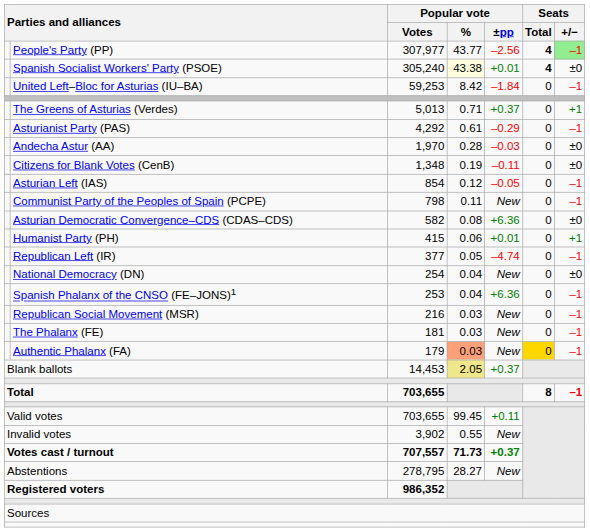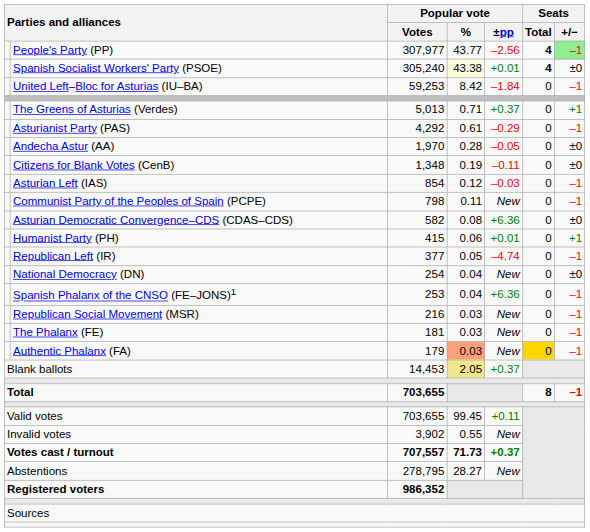 <table class="wikitable" style="text-align:right;">
 <tr>
 <th style="text-align:left;" rowspan="2" colspan="2" width="525">Parties and alliances</th>
 <th colspan="3">Popular vote</th>
 <th colspan="2">Seats</th>
 </tr>
 <tr>
 <th width="75">Votes</th>
 <th width="45">%</th>
 <th width="45">±<a href='#'>pp</a></th>
 <th width="35">Total</th>
 <th width="35">+/−</th>
 </tr>
 <tr>
 <td width="1" style="color:inherit;background:"></td>
 <td align="left"><a href='#'>People's Party</a> (PP)</td>
 <td>307,977</td>
 <td>43.77</td>
 <td style="color:red;">–2.56</td>
 <td><strong>4</strong></td>
 <td style="background: lightgreen; color:red;">–1</td>
 </tr>
 <tr>
 <td style="color:inherit;background:"></td>
 <td align="left"><a href='#'>Spanish Socialist Workers' Party</a> (PSOE)</td>
 <td>305,240</td>
 <td style="background: lightyellow;">43.38</td>
 <td style="color:green;">+0.01</td>
 <td><strong>4</strong></td>
 <td>±0</td>
 </tr>
 <tr>
 <td style="color:inherit;background:"></td>
 <td align="left"><a href='#'>United Left</a>–<a href='#'>Bloc for Asturias</a> (IU–BA)</td>
 <td>59,253</td>
 <td>8.42</td>
 <td style="color:red;">–1.84</td>
 <td>0</td>
 <td style="color:red;">–1</td>
 </tr>
 <tr>
 <td colspan="7" bgcolor="#C0C0C0"></td>
 </tr>
 <tr>
 <td style="color:inherit;background:"></td>
 <td align="left"><a href='#'>The Greens of Asturias</a> (Verdes)</td>
 <td>5,013</td>
 <td>0.71</td>
 <td style="color:green;">+0.37</td>
 <td>0</td>
 <td style="color:green;">+1</td>
 </tr>
 <tr>
 <td style="color:inherit;background:"></td>
 <td align="left"><a href='#'>Asturianist Party</a> (PAS)</td>
 <td>4,292</td>
 <td>0.61</td>
 <td style="color:red;">–0.29</td>
 <td>0</td>
 <td style="color:red;">–1</td>
 </tr>
 <tr>
 <td style="color:inherit;background:"></td>
 <td align="left"><a href='#'>Andecha Astur</a> (AA)</td>
 <td>1,970</td>
 <td>0.28</td>
-<td style="color:red;">–0.03</td>
+<td style="color:red;">–0.05</td>
 <td>0</td>
 <td>±0</td>
 </tr>
 <tr>
 <td style="color:inherit;background:"></td>
 <td align="left"><a href='#'>Citizens for Blank Votes</a> (CenB)</td>
 <td>1,348</td>
 <td>0.19</td>
 <td style="color:red;">–0.11</td>
 <td>0</td>
 <td>±0</td>
 </tr>
 <tr>
 <td style="color:inherit;background:"></td>
 <td align="left"><a href='#'>Asturian Left</a> (IAS)</td>
 <td>854</td>
 <td>0.12</td>
-<td style="color:red;">–0.05</td>
+<td style="color:red;">–0.03</td>
 <td>0</td>
 <td style="color:red;">–1</td>
 </tr>
 <tr>
 <td style="color:inherit;background:"></td>
 <td align="left"><a href='#'>Communist Party of the Peoples of Spain</a> (PCPE)</td>
 <td>798</td>
 <td>0.11</td>
 <td><em>New</em></td>
 <td>0</td>
 <td style="color:red;">–1</td>
 </tr>
 <tr>
 <td style="color:inherit;background:"></td>
 <td align="left"><a href='#'>Asturian Democratic Convergence–CDS</a> (CDAS–CDS)</td>
 <td>582</td>
 <td>0.08</td>
 <td style="color:green;">+6.36</td>
 <td>0</td>
 <td>±0</td>
 </tr>
 <tr>
 <td style="color:inherit;background:"></td>
 <td align="left"><a href='#'>Humanist Party</a> (PH)</td>
 <td>415</td>
 <td>0.06</td>
 <td style="color:green;">+0.01</td>
 <td>0</td>
 <td style="color:green;">+1</td>
 </tr>
 <tr>
 <td style="color:inherit;background:"></td>
 <td align="left"><a href='#'>Republican Left</a> (IR)</td>
 <td>377</td>
 <td>0.05</td>
 <td style="color:red;">–4.74</td>
 <td>0</td>
 <td style="color:red;">–1</td>
 </tr>
 <tr>
 <td style="color:inherit;background:"></td>
 <td align="left"><a href='#'>National Democracy</a> (DN)</td>
 <td>254</td>
 <td>0.04</td>
 <td><em>New</em></td>
 <td>0</td>
 <td>±0</td>
 </tr>
 <tr>
 <td style="color:inherit;background:"></td>
 <td align="left"><a href='#'>Spanish Phalanx of the CNSO</a> (FE–JONS)<sup>1</sup></td>
 <td>253</td>
 <td>0.04</td>
 <td style="color:green;">+6.36</td>
 <td>0</td>
 <td style="color:red;">–1</td>
 </tr>
 <tr>
 <td style="color:inherit;background:"></td>
 <td align="left"><a href='#'>Republican Social Movement</a> (MSR)</td>
 <td>216</td>
 <td>0.03</td>
 <td><em>New</em></td>
 <td>0</td>
 <td style="color:red;">–1</td>
 </tr>
 <tr>
 <td style="color:inherit;background:"></td>
 <td align="left"><a href='#'>The Phalanx</a> (FE)</td>
 <td>181</td>
 <td>0.03</td>
 <td><em>New</em></td>
 <td>0</td>
 <td style="color:red;">–1</td>
 </tr>
 <tr>
 <td style="color:inherit;background:"></td>
 <td align="left"><a href='#'>Authentic Phalanx</a> (FA)</td>
 <td>179</td>
 <td style="background: lightsalmon;">0.03</td>
 <td><em>New</em></td>
 <td style="background: gold;">0</td>
 <td style="color:red;">–1</td>
 </tr>
 <tr>
 <td align="left" colspan="2">Blank ballots</td>
 <td>14,453</td>
 <td style="background: khaki;">2.05</td>
 <td style="color:green;">+0.37</td>
 <td bgcolor="#E9E9E9" colspan="2"></td>
 </tr>
 <tr>
 <td colspan="7" bgcolor="#E9E9E9"></td>
 </tr>
 <tr style="font-weight:bold;">
 <td align="left" colspan="2">Total</td>
 <td>703,655</td>
 <td bgcolor="#E9E9E9" colspan="2"></td>
 <td>8</td>
 <td style="color:red;">–1</td>
 </tr>
 <tr>
 <td colspan="7" bgcolor="#E9E9E9"></td>
 </tr>
 <tr>
 <td align="left" colspan="2">Valid votes</td>
 <td>703,655</td>
 <td>99.45</td>
 <td style="color:green;">+0.11</td>
 <td bgcolor="#E9E9E9" colspan="2" rowspan="5"></td>
 </tr>
 <tr>
 <td align="left" colspan="2">Invalid votes</td>
 <td>3,902</td>
 <td>0.55</td>
 <td><em>New</em></td>
 </tr>
 <tr style="font-weight:bold;">
 <td align="left" colspan="2">Votes cast / turnout</td>
 <td>707,557</td>
 <td>71.73</td>
 <td style="color:green;">+0.37</td>
 </tr>
 <tr>
 <td align="left" colspan="2">Abstentions</td>
 <td>278,795</td>
 <td>28.27</td>
 <td><em>New</em></td>
 </tr>
 <tr style="font-weight:bold;">
 <td align="left" colspan="2">Registered voters</td>
 <td>986,352</td>
 <td bgcolor="#E9E9E9" colspan="2"></td>
 </tr>
 <tr>
 <td colspan="7" bgcolor="#E9E9E9"></td>
 </tr>
 <tr>
 <td align="left" colspan="7">Sources</td>
 </tr>
 <tr>
 <td colspan="7" style="text-align:left; max-width:790px;"></td>
 </tr>
 </table>
